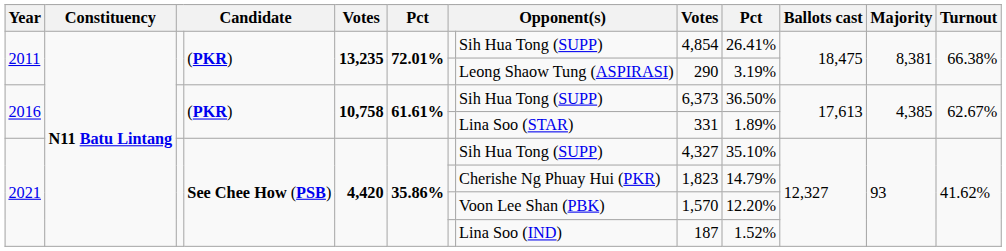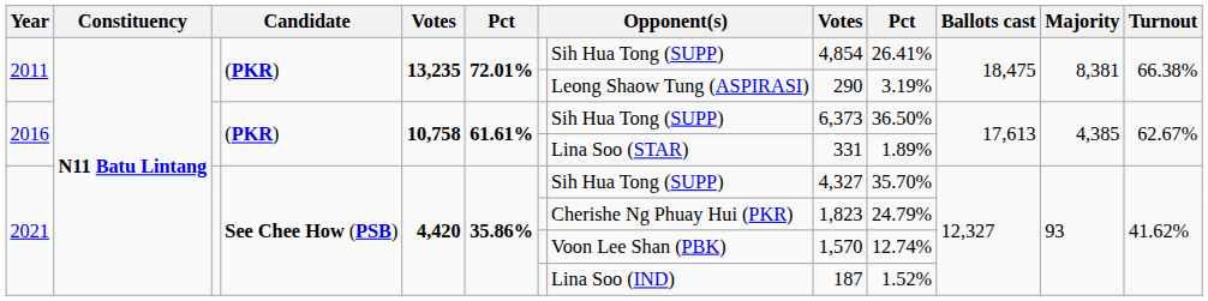 <table class="wikitable" style="margin:0.5em ; font-size:95%">
 <tr>
 <th>Year</th>
 <th>Constituency</th>
 <th colspan=2>Candidate</th>
 <th>Votes</th>
 <th>Pct</th>
 <th colspan=2>Opponent(s)</th>
 <th>Votes</th>
 <th>Pct</th>
 <th>Ballots cast</th>
 <th>Majority</th>
 <th>Turnout</th>
 </tr>
 <tr>
 <td rowspan="2"><a href='#'>2011</a></td>
 <td rowspan="8"><strong>N11 <a href='#'>Batu Lintang</a></strong></td>
 <td rowspan="2" ></td>
 <td rowspan="2"> (<a href='#'><strong>PKR</strong></a>)</td>
 <td rowspan="2" style="text-align:right;"><strong>13,235</strong></td>
 <td rowspan="2" style="text-align:right;"><strong>72.01%</strong></td>
 <td></td>
 <td>Sih Hua Tong (<a href='#'>SUPP</a>)</td>
 <td style="text-align:right;">4,854</td>
 <td style="text-align:right;">26.41%</td>
 <td style="text-align:right;" rowspan="2">18,475</td>
 <td style="text-align:right;" rowspan="2">8,381</td>
 <td style="text-align:right;" rowspan="2">66.38%</td>
 </tr>
 <tr>
 <td></td>
 <td>Leong Shaow Tung (<a href='#'>ASPIRASI</a>)</td>
 <td style="text-align:right;">290</td>
 <td style="text-align:right;">3.19%</td>
 </tr>
 <tr>
 <td rowspan="2"><a href='#'>2016</a></td>
 <td rowspan="2" ></td>
 <td rowspan="2"> (<a href='#'><strong>PKR</strong></a>)</td>
 <td rowspan="2" style="text-align:right;"><strong>10,758</strong></td>
 <td rowspan="2" style="text-align:right;"><strong>61.61%</strong></td>
 <td></td>
 <td>Sih Hua Tong (<a href='#'>SUPP</a>)</td>
 <td style="text-align:right;">6,373</td>
 <td style="text-align:right;">36.50%</td>
 <td style="text-align:right;" rowspan="2">17,613</td>
 <td style="text-align:right;" rowspan="2">4,385</td>
 <td style="text-align:right;" rowspan="2">62.67%</td>
 </tr>
 <tr>
 <td></td>
 <td>Lina Soo (<a href='#'>STAR</a>)</td>
 <td style="text-align:right;">331</td>
 <td style="text-align:right;">1.89%</td>
 </tr>
 <tr>
 <td rowspan="4"><a href='#'>2021</a></td>
 <td rowspan="4" style="background-color:"></td>
 <td rowspan="4"><strong>See Chee How</strong> (<a href='#'><strong>PSB</strong></a>)</td>
 <td rowspan="4" style="text-align:right;"><strong>4,420</strong></td>
 <td rowspan="4"><strong>35.86%</strong></td>
 <td></td>
 <td>Sih Hua Tong (<a href='#'>SUPP</a>)</td>
 <td style="text-align:right;">4,327</td>
-<td>35.10%</td>
+<td>35.70%</td>
 <td rowspan="4">12,327</td>
 <td rowspan="4">93</td>
 <td rowspan="4">41.62%</td>
 </tr>
 <tr>
 <td></td>
 <td>Cherishe Ng Phuay Hui (<a href='#'>PKR</a>)</td>
 <td style="text-align:right;">1,823</td>
-<td>14.79%</td>
+<td>24.79%</td>
 </tr>
 <tr>
 <td style="background:"></td>
 <td>Voon Lee Shan (<a href='#'>PBK</a>)</td>
 <td style="text-align:right;">1,570</td>
-<td>12.20%</td>
+<td>12.74%</td>
 </tr>
 <tr>
 <td style="background:"></td>
 <td>Lina Soo (<a href='#'>IND</a>)</td>
 <td style="text-align:right;">187</td>
 <td style="text-align:right;">1.52%</td>
 </tr>
 </table>
